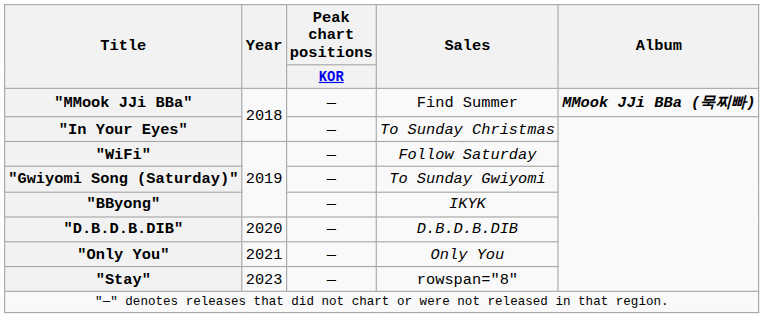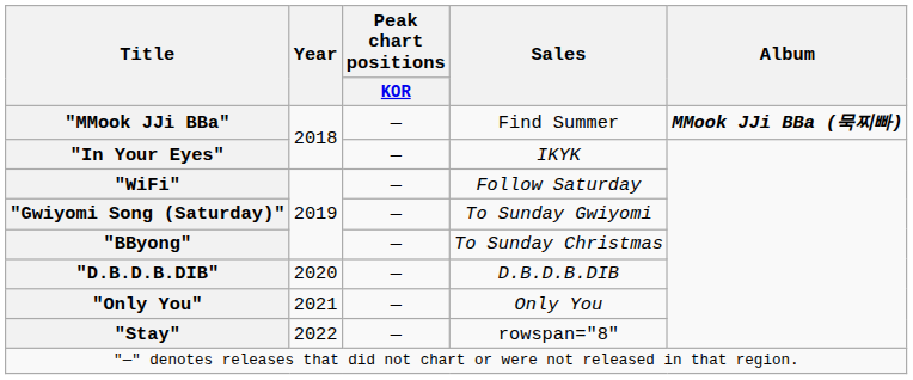 <table class="wikitable plainrowheaders" style="text-align:center;" border="1">
 <tr>
 <th scope="col" rowspan="2">Title</th>
 <th scope="col" rowspan="2">Year</th>
 <th scope="col" colspan="1">Peak chart positions</th>
 <th scope="col" rowspan="2">Sales<br></th>
 <th scope="col" rowspan="2">Album</th>
 </tr>
 <tr>
 <th scope="col" style="width:3em;font-size:90%;"><a href='#'>KOR</a><br></th>
 </tr>
 <tr>
 <th scope="row">"MMook JJi BBa" </th>
 <td rowspan="2">2018</td>
 <td>—</td>
 <td>Find Summer</td>
 <td><strong><em>MMook JJi BBa (묵찌빠)</em></strong></td>
 </tr>
 <tr>
 <th scope="row">"In Your Eyes"</th>
 <td>—</td>
-<td><em>To Sunday Christmas</em></td>
+<td><em>IKYK</em></td>
 </tr>
 <tr>
 <th scope="row">"WiFi" </th>
 <td rowspan="3">2019</td>
 <td>—</td>
 <td><em>Follow Saturday</em></td>
 </tr>
 <tr>
 <th scope="row">"Gwiyomi Song (Saturday)" </th>
 <td>—</td>
 <td><em>To Sunday Gwiyomi</em></td>
 </tr>
 <tr>
 <th scope="row">"BByong" </th>
 <td>—</td>
-<td><em>IKYK</em></td>
+<td><em>To Sunday Christmas</em></td>
 </tr>
 <tr>
 <th scope="row">"D.B.D.B.DIB"</th>
 <td>2020</td>
 <td>—</td>
 <td><em>D.B.D.B.DIB </em></td>
 </tr>
 <tr>
 <th scope="row">"Only You"</th>
 <td>2021</td>
 <td>—</td>
 <td><em>Only You</em></td>
 </tr>
 <tr>
 <th scope="row">"Stay" </th>
-<td>2023</td>
+<td>2022</td>
 <td>—</td>
 <td>rowspan="8" </td>
 </tr>
 <tr>
 <td colspan="5" style="font-size:8pt">"—" denotes releases that did not chart or were not released in that region.</td>
 </tr>
 </table>
